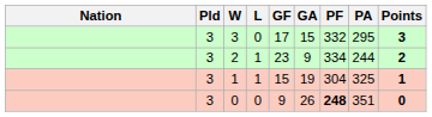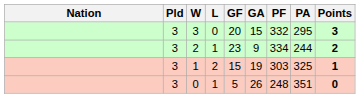 <table class=wikitable style="text-align:center">
 <tr>
 <th width=220>Nation</th>
 <th width=20>Pld</th>
 <th width=20>W</th>
 <th width=20>L</th>
 <th width=20>GF</th>
 <th width=20>GA</th>
 <th width=20>PF</th>
 <th width=20>PA</th>
 <th width=50>Points</th>
 </tr>
 <tr bgcolor=#ccffcc>
 <td align=left></td>
 <td>3</td>
 <td>3</td>
 <td>0</td>
-<td>17</td>
+<td>20</td>
 <td>15</td>
 <td>332</td>
 <td>295</td>
 <td><strong>3</strong></td>
 </tr>
 <tr bgcolor=#ccffcc>
 <td align=left></td>
 <td>3</td>
 <td>2</td>
 <td>1</td>
 <td>23</td>
 <td>9</td>
 <td>334</td>
 <td>244</td>
 <td><strong>2</strong></td>
 </tr>
 <tr bgcolor="#fcccc">
 <td align=left></td>
 <td>3</td>
 <td>1</td>
-<td>1</td>
+<td>2</td>
 <td>15</td>
 <td>19</td>
-<td>304</td>
+<td>303</td>
 <td>325</td>
 <td><strong>1</strong></td>
 </tr>
 <tr bgcolor="#fcccc">
 <td align=left></td>
 <td>3</td>
 <td>0</td>
-<td>0</td>
-<td>9</td>
+<td>1</td>
+<td>5</td>
 <td>26</td>
-<td><strong>248</strong></td>
+<td>248</td>
 <td>351</td>
 <td><strong>0</strong></td>
 </tr>
 </table>
